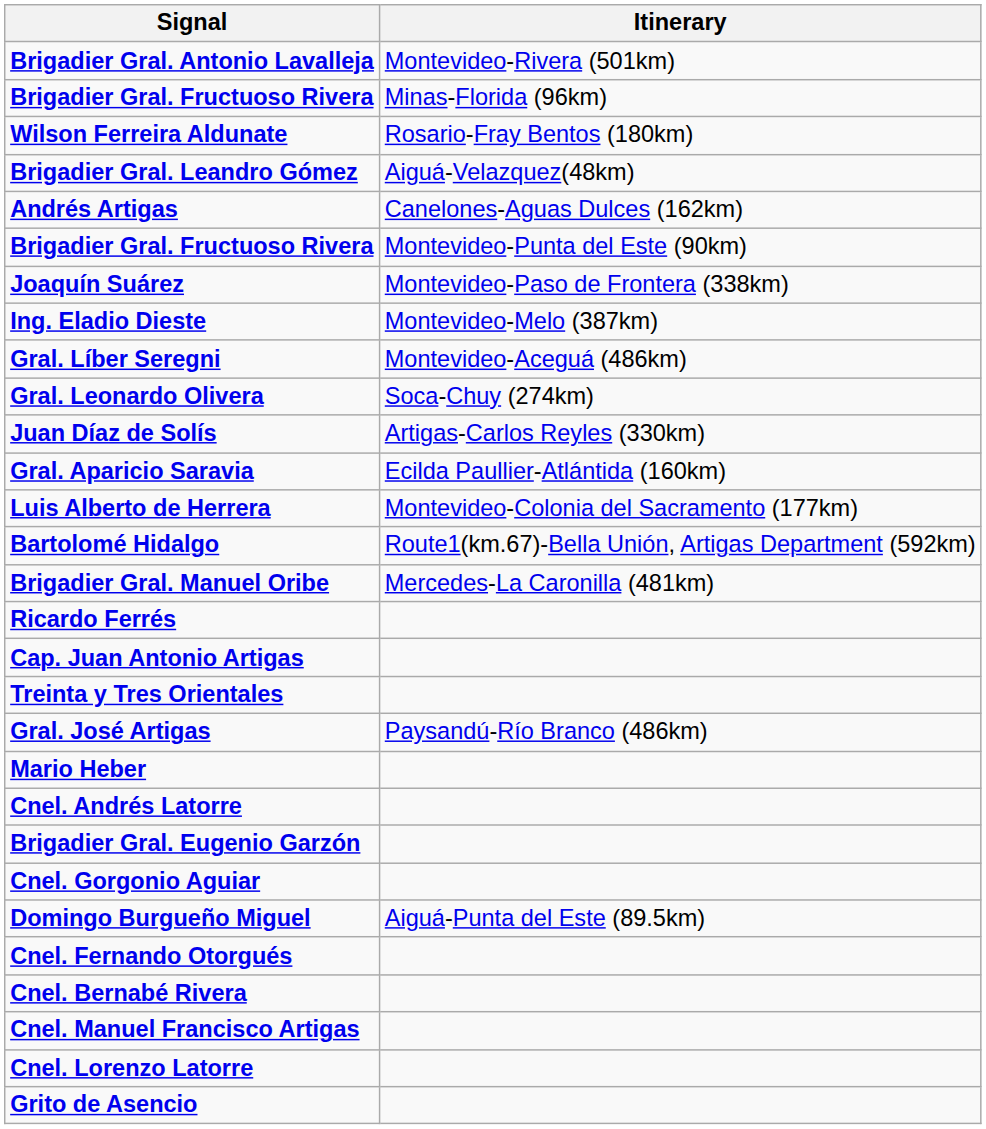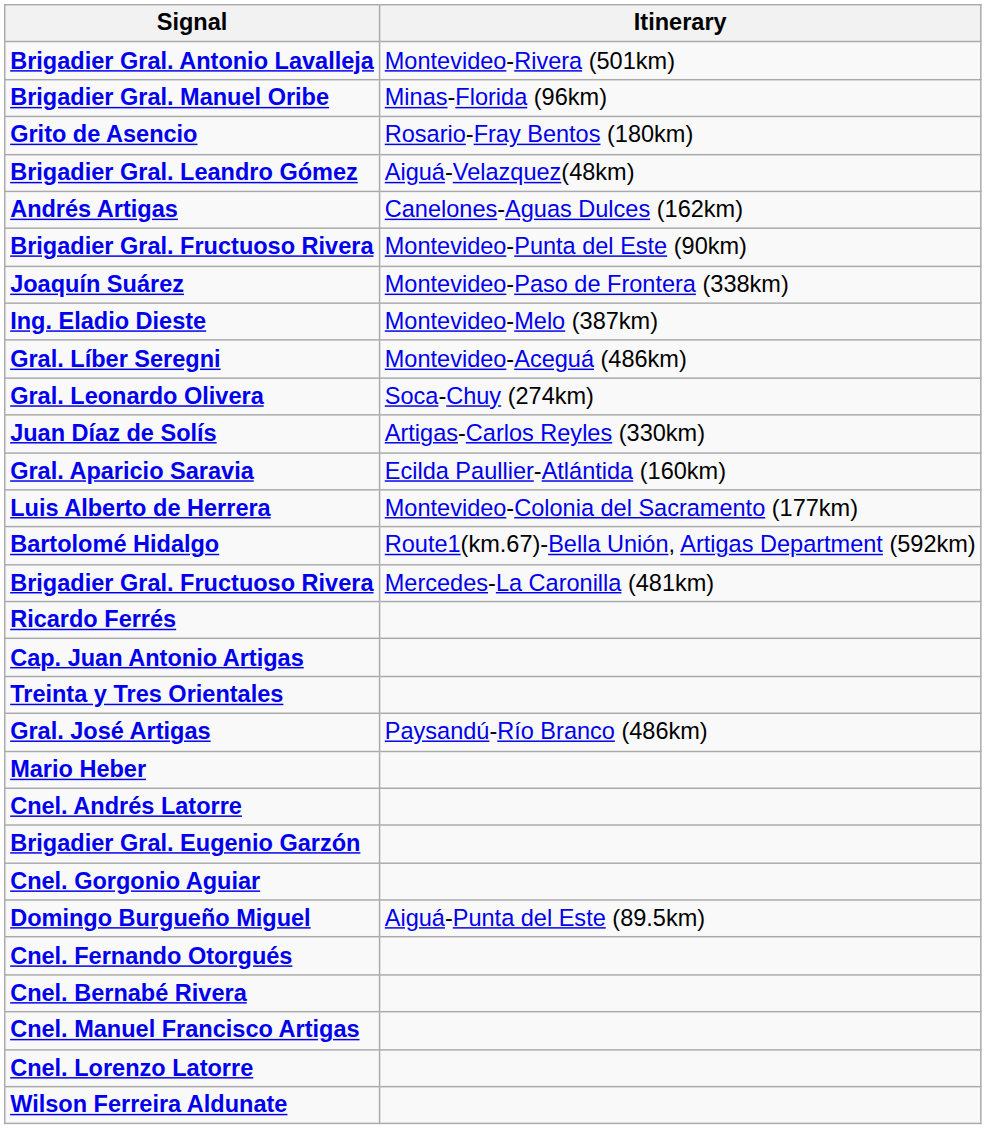 <table class="wikitable">
 <tr>
 <th>Signal</th>
 <th>Itinerary</th>
 </tr>
 <tr>
 <td> <strong><a href='#'>Brigadier Gral. Antonio Lavalleja</a></strong></td>
 <td><a href='#'>Montevideo</a>-<a href='#'>Rivera</a> (501km)</td>
 </tr>
 <tr>
-<td> <strong><a href='#'>Brigadier Gral. Fructuoso Rivera</a></strong></td>
+<td> <strong><a href='#'>Brigadier Gral. Manuel Oribe</a></strong></td>
 <td><a href='#'>Minas</a>-<a href='#'>Florida</a> (96km)</td>
 </tr>
 <tr>
-<td> <strong><a href='#'>Wilson Ferreira Aldunate</a></strong></td>
+<td> <strong><a href='#'>Grito de Asencio</a></strong></td>
 <td><a href='#'>Rosario</a>-<a href='#'>Fray Bentos</a> (180km)</td>
 </tr>
 <tr>
 <td> <strong><a href='#'>Brigadier Gral. Leandro Gómez</a></strong></td>
 <td><a href='#'>Aiguá</a>-<a href='#'>Velazquez</a>(48km)</td>
 </tr>
 <tr>
 <td> <strong><a href='#'>Andrés Artigas</a></strong></td>
 <td><a href='#'>Canelones</a>-<a href='#'>Aguas Dulces</a> (162km)</td>
 </tr>
 <tr>
 <td> <strong><a href='#'>Brigadier Gral. Fructuoso Rivera</a></strong></td>
 <td><a href='#'>Montevideo</a>-<a href='#'>Punta del Este</a> (90km)</td>
 </tr>
 <tr>
 <td> <strong><a href='#'>Joaquín Suárez</a></strong></td>
 <td><a href='#'>Montevideo</a>-<a href='#'>Paso de Frontera</a> (338km)</td>
 </tr>
 <tr>
 <td> <strong><a href='#'>Ing. Eladio Dieste</a></strong></td>
 <td><a href='#'>Montevideo</a>-<a href='#'>Melo</a> (387km)</td>
 </tr>
 <tr>
 <td> <strong><a href='#'>Gral. Líber Seregni</a></strong></td>
 <td><a href='#'>Montevideo</a>-<a href='#'>Aceguá</a> (486km)</td>
 </tr>
 <tr>
 <td> <strong><a href='#'>Gral. Leonardo Olivera</a></strong></td>
 <td><a href='#'>Soca</a>-<a href='#'>Chuy</a> (274km)</td>
 </tr>
 <tr>
 <td> <strong><a href='#'>Juan Díaz de Solís</a></strong></td>
 <td><a href='#'>Artigas</a>-<a href='#'>Carlos Reyles</a> (330km)</td>
 </tr>
 <tr>
 <td> <strong><a href='#'>Gral. Aparicio Saravia</a></strong></td>
 <td><a href='#'>Ecilda Paullier</a>-<a href='#'>Atlántida</a> (160km)</td>
 </tr>
 <tr>
 <td> <strong><a href='#'>Luis Alberto de Herrera</a></strong></td>
 <td><a href='#'>Montevideo</a>-<a href='#'>Colonia del Sacramento</a> (177km)</td>
 </tr>
 <tr>
 <td> <strong><a href='#'>Bartolomé Hidalgo</a></strong></td>
 <td><a href='#'>Route1</a>(km.67)-<a href='#'>Bella Unión</a>, <a href='#'>Artigas Department</a> (592km)</td>
 </tr>
 <tr>
-<td> <strong><a href='#'>Brigadier Gral. Manuel Oribe</a></strong></td>
+<td> <strong><a href='#'>Brigadier Gral. Fructuoso Rivera</a></strong></td>
 <td><a href='#'>Mercedes</a>-<a href='#'>La Caronilla</a> (481km)</td>
 </tr>
 <tr>
 <td> <strong><a href='#'>Ricardo Ferrés</a></strong></td>
 <td></td>
 </tr>
 <tr>
 <td> <strong><a href='#'>Cap. Juan Antonio Artigas</a></strong></td>
 <td></td>
 </tr>
 <tr>
 <td> <strong><a href='#'>Treinta y Tres Orientales</a></strong></td>
 <td></td>
 </tr>
 <tr>
 <td> <strong><a href='#'>Gral. José Artigas</a></strong></td>
 <td><a href='#'>Paysandú</a>-<a href='#'>Río Branco</a> (486km)</td>
 </tr>
 <tr>
 <td> <strong><a href='#'>Mario Heber</a></strong></td>
 <td></td>
 </tr>
 <tr>
 <td> <strong><a href='#'>Cnel. Andrés Latorre</a></strong></td>
 <td></td>
 </tr>
 <tr>
 <td> <strong><a href='#'>Brigadier Gral. Eugenio Garzón</a></strong></td>
 <td></td>
 </tr>
 <tr>
 <td> <strong><a href='#'>Cnel. Gorgonio Aguiar</a></strong></td>
 <td></td>
 </tr>
 <tr>
 <td> <strong><a href='#'>Domingo Burgueño Miguel</a></strong></td>
 <td><a href='#'>Aiguá</a>-<a href='#'>Punta del Este</a> (89.5km)</td>
 </tr>
 <tr>
 <td> <strong><a href='#'>Cnel. Fernando Otorgués</a></strong></td>
 <td></td>
 </tr>
 <tr>
 <td> <strong><a href='#'>Cnel. Bernabé Rivera</a></strong></td>
 <td></td>
 </tr>
 <tr>
 <td> <strong><a href='#'>Cnel. Manuel Francisco Artigas</a></strong></td>
 <td></td>
 </tr>
 <tr>
 <td> <strong><a href='#'>Cnel. Lorenzo Latorre</a></strong></td>
 <td></td>
 </tr>
 <tr>
-<td> <strong><a href='#'>Grito de Asencio</a></strong></td>
+<td> <strong><a href='#'>Wilson Ferreira Aldunate</a></strong></td>
 <td></td>
 </tr>
 </table>
